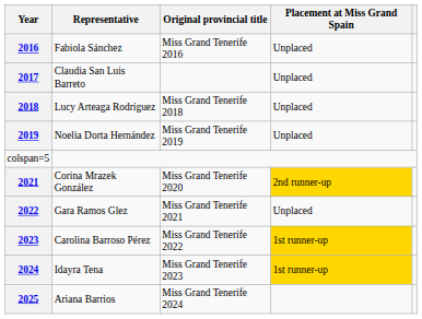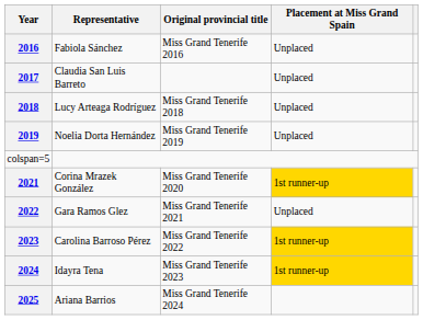 <table class="wikitable defaultcenter col2left" style="font-size:95%;">
 <tr>
 <th>Year</th>
 <th>Representative</th>
 <th>Original provincial title</th>
 <th>Placement at Miss Grand Spain</th>
 <th></th>
 </tr>
 <tr>
 <th><a href='#'>2016</a></th>
 <td>Fabiola Sánchez</td>
 <td>Miss Grand Tenerife 2016</td>
 <td>Unplaced</td>
 <td></td>
 </tr>
 <tr>
 <th><a href='#'>2017</a></th>
 <td>Claudia San Luis Barreto</td>
 <td></td>
 <td>Unplaced</td>
 <td></td>
 </tr>
 <tr>
 <th><a href='#'>2018</a></th>
 <td>Lucy Arteaga Rodríguez</td>
 <td>Miss Grand Tenerife 2018</td>
 <td>Unplaced</td>
 <td></td>
 </tr>
 <tr>
 <th><a href='#'>2019</a></th>
 <td>Noelia Dorta Hernández</td>
 <td>Miss Grand Tenerife 2019</td>
 <td>Unplaced</td>
 <td></td>
 </tr>
 <tr>
 <td>colspan=5 </td>
 </tr>
 <tr>
 <th><a href='#'>2021</a></th>
 <td>Corina Mrazek González</td>
 <td>Miss Grand Tenerife 2020</td>
-<td bgcolor=gold>2nd runner-up</td>
+<td bgcolor=gold>1st runner-up</td>
 <td></td>
 </tr>
 <tr>
 <th><a href='#'>2022</a></th>
 <td>Gara Ramos Glez</td>
 <td>Miss Grand Tenerife 2021</td>
 <td>Unplaced</td>
 <td></td>
 </tr>
 <tr>
 <th><a href='#'>2023</a></th>
 <td>Carolina Barroso Pérez</td>
 <td>Miss Grand Tenerife 2022</td>
 <td bgcolor=gold>1st runner-up</td>
 <td></td>
 </tr>
 <tr>
 <th><a href='#'>2024</a></th>
 <td>Idayra Tena</td>
 <td>Miss Grand Tenerife 2023</td>
 <td bgcolor=gold>1st runner-up</td>
 <td></td>
 </tr>
 <tr>
 <th><a href='#'>2025</a></th>
 <td>Ariana Barrios</td>
 <td>Miss Grand Tenerife 2024</td>
 <td></td>
 <td></td>
 </tr>
 </table>
